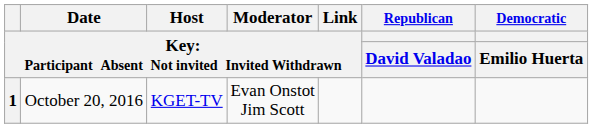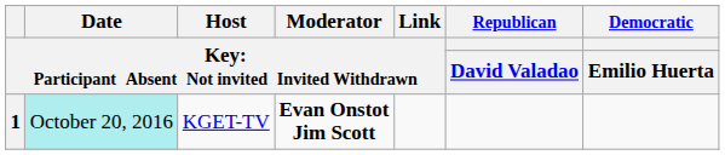 <table class="wikitable" style="text-align:center;">
 <tr>
 <th scope="col"></th>
 <th scope="col">Date</th>
 <th scope="col">Host</th>
 <th scope="col">Moderator</th>
 <th scope="col">Link</th>
 <th scope="col"><small><a href='#'>Republican</a></small></th>
 <th scope="col"><small><a href='#'>Democratic</a></small></th>
 </tr>
 <tr>
 <th colspan="5" rowspan="2">Key:<br> <small>Participant </small>  <small>Absent </small>  <small>Not invited </small>  <small>Invited  Withdrawn</small></th>
 <th scope="col" style="background:"></th>
 <th scope="col" style="background:"></th>
 </tr>
 <tr>
 <th scope="col"><a href='#'>David Valadao</a></th>
 <th scope="col">Emilio Huerta</th>
 </tr>
 <tr>
 <th>1</th>
-<td style="white-space:nowrap;">October 20, 2016</td>
+<td style="background: paleturquoise; white-space:nowrap;">October 20, 2016</td>
 <td style="white-space:nowrap;"><a href='#'>KGET-TV</a></td>
-<td style="white-space:nowrap;">Evan Onstot<br>Jim Scott</td>
+<td style="white-space:nowrap;"><strong>Evan Onstot<br>Jim Scott</strong></td>
 <td style="white-space:nowrap;"></td>
 <td></td>
 <td></td>
 </tr>
 </table>
